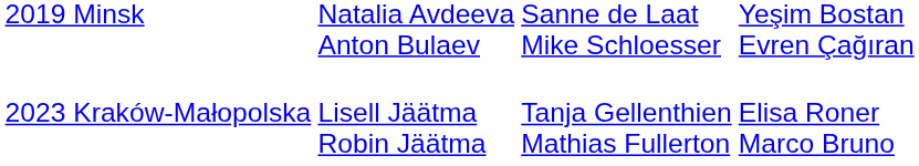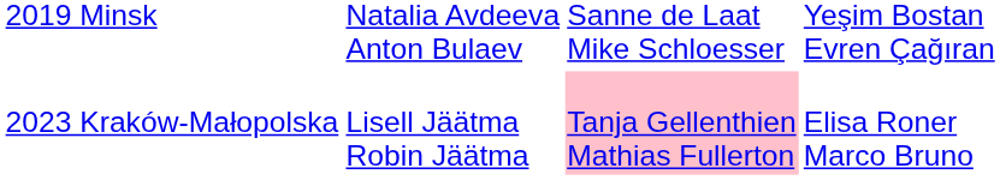 <table>
 <tr valign="center">
 <td><a href='#'>2019 Minsk</a><br></td>
 <td><br><a href='#'>Natalia Avdeeva</a><br><a href='#'>Anton Bulaev</a></td>
 <td><br><a href='#'>Sanne de Laat</a><br><a href='#'>Mike Schloesser</a></td>
 <td><br><a href='#'>Yeşim Bostan</a><br><a href='#'>Evren Çağıran</a></td>
 </tr>
 <tr valign="center">
 <td><a href='#'>2023 Kraków-Małopolska</a><br></td>
 <td><br><a href='#'>Lisell Jäätma</a><br><a href='#'>Robin Jäätma</a></td>
-<td><br><a href='#'>Tanja Gellenthien</a><br><a href='#'>Mathias Fullerton</a></td>
+<td style="background: pink;"><br><a href='#'>Tanja Gellenthien</a><br><a href='#'>Mathias Fullerton</a></td>
 <td><br><a href='#'>Elisa Roner</a><br><a href='#'>Marco Bruno</a></td>
 </tr>
 </table>
